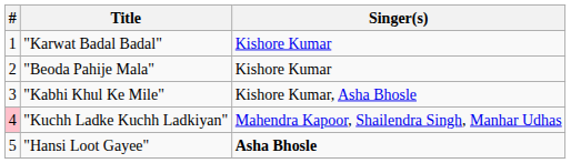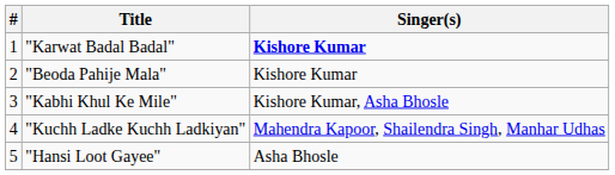 <table class="wikitable" style="font-size:95%;">
 <tr>
 <th>#</th>
 <th>Title</th>
 <th>Singer(s)</th>
 </tr>
 <tr>
 <td>1</td>
 <td>"Karwat Badal Badal"</td>
-<td><a href='#'>Kishore Kumar</a></td>
+<td><strong><a href='#'>Kishore Kumar</a></strong></td>
 </tr>
 <tr>
 <td>2</td>
 <td>"Beoda Pahije Mala"</td>
 <td>Kishore Kumar</td>
 </tr>
 <tr>
 <td>3</td>
 <td>"Kabhi Khul Ke Mile"</td>
 <td>Kishore Kumar, <a href='#'>Asha Bhosle</a></td>
 </tr>
 <tr>
-<td style="background: pink;">4</td>
+<td>4</td>
 <td>"Kuchh Ladke Kuchh Ladkiyan"</td>
 <td><a href='#'>Mahendra Kapoor</a>, <a href='#'>Shailendra Singh</a>, <a href='#'>Manhar Udhas</a></td>
 </tr>
 <tr>
 <td>5</td>
 <td>"Hansi Loot Gayee"</td>
-<td><strong>Asha Bhosle</strong></td>
+<td>Asha Bhosle</td>
 </tr>
 <tr>
 </tr>
 </table>
